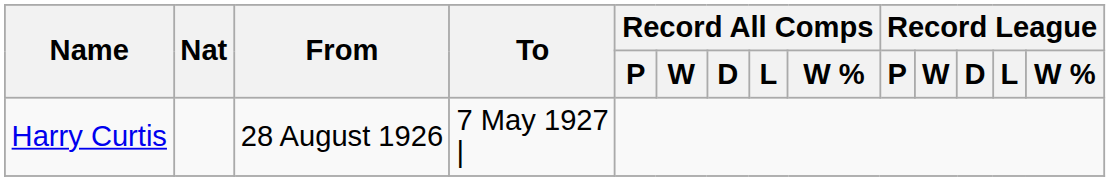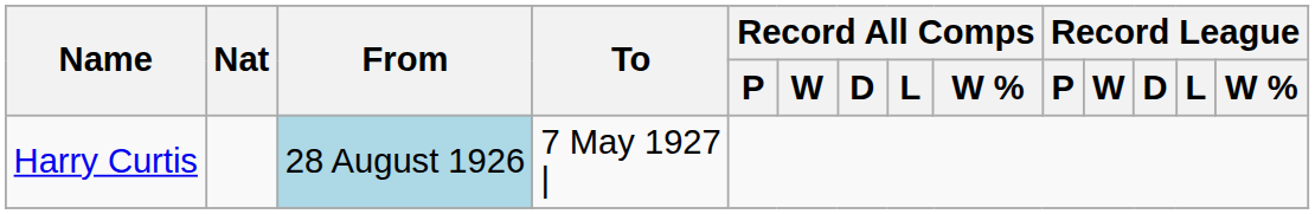 <table class="wikitable" style="text-align: center">
 <tr>
 <th rowspan="2">Name</th>
 <th rowspan="2">Nat</th>
 <th rowspan="2">From</th>
 <th rowspan="2">To</th>
 <th colspan="5">Record All Comps</th>
 <th colspan="5">Record League</th>
 </tr>
 <tr>
 <th>P</th>
 <th>W</th>
 <th>D</th>
 <th>L</th>
 <th>W %</th>
 <th>P</th>
 <th>W</th>
 <th>D</th>
 <th>L</th>
 <th>W %</th>
 </tr>
 <tr>
 <td align=left><a href='#'>Harry Curtis</a></td>
 <td></td>
-<td align=left>28 August 1926</td>
+<td align=left style="background: lightblue;">28 August 1926</td>
 <td align=left>7 May 1927<br>|</td>
 </tr>
 </table>
